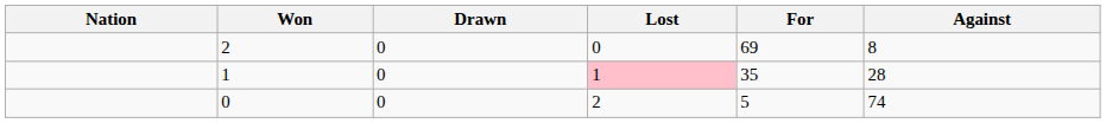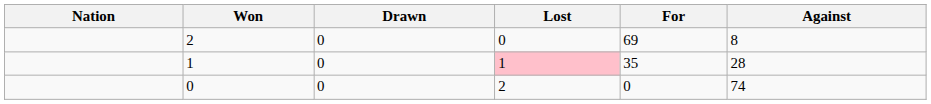 <table class="wikitable" style="width:50%">
 <tr>
 <th>Nation</th>
 <th>Won</th>
 <th>Drawn</th>
 <th>Lost</th>
 <th>For</th>
 <th>Against</th>
 </tr>
 <tr>
 <td></td>
 <td>2</td>
 <td>0</td>
 <td>0</td>
 <td>69</td>
 <td>8</td>
 </tr>
 <tr>
 <td></td>
 <td>1</td>
 <td>0</td>
 <td style="background: pink;">1</td>
 <td>35</td>
 <td>28</td>
 </tr>
 <tr>
 <td></td>
 <td>0</td>
 <td>0</td>
 <td>2</td>
-<td>5</td>
+<td>0</td>
 <td>74</td>
 </tr>
 </table>
